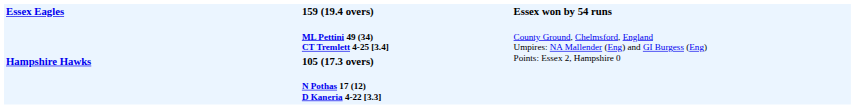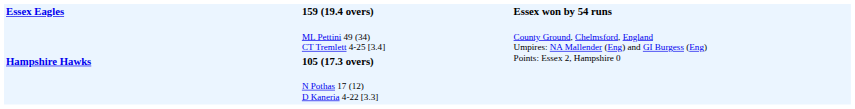 <table style="width:100%; background:#ebf5ff;">
 <tr>
 <td style="width:35%; vertical-align:top;" rowspan="2"><strong><a href='#'>Essex Eagles</a></strong></td>
 <td style="width:25%;"><strong>159 (19.4 overs)</strong></td>
 <td style="width:40%;"><strong>Essex won by 54 runs</strong></td>
 </tr>
 <tr>
-<td style="font-size: 85%;"><strong><br><a href='#'>ML Pettini</a> 49 (34)<br> <a href='#'>CT Tremlett</a> 4-25 [3.4]</strong></td>
+<td style="font-size: 85%;"><br><a href='#'>ML Pettini</a> 49 (34)<br> <a href='#'>CT Tremlett</a> 4-25 [3.4]</td>
 <td style="vertical-align:top; font-size:85%;" rowspan="3"><br><a href='#'>County Ground</a>, <a href='#'>Chelmsford</a>, <a href='#'>England</a><br> Umpires: <a href='#'>NA Mallender</a> (<a href='#'>Eng</a>) and <a href='#'>GI Burgess</a> (<a href='#'>Eng</a>)<br> Points: Essex 2, Hampshire 0</td>
 </tr>
 <tr>
 <td style="vertical-align:top;" rowspan="2"><strong><a href='#'>Hampshire Hawks</a></strong></td>
 <td><strong>105 (17.3 overs)</strong></td>
 </tr>
 <tr>
-<td style="font-size: 85%;"><strong><br><a href='#'>N Pothas</a> 17 (12)<br> <a href='#'>D Kaneria</a> 4-22 [3.3]</strong></td>
+<td style="font-size: 85%;"><br><a href='#'>N Pothas</a> 17 (12)<br> <a href='#'>D Kaneria</a> 4-22 [3.3]</td>
 </tr>
 </table>
